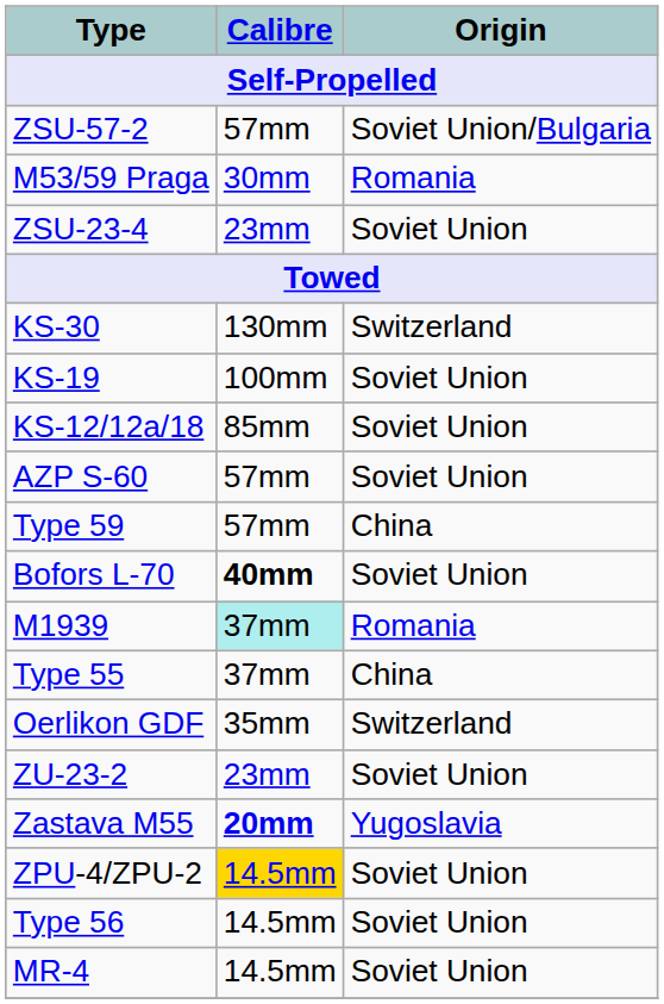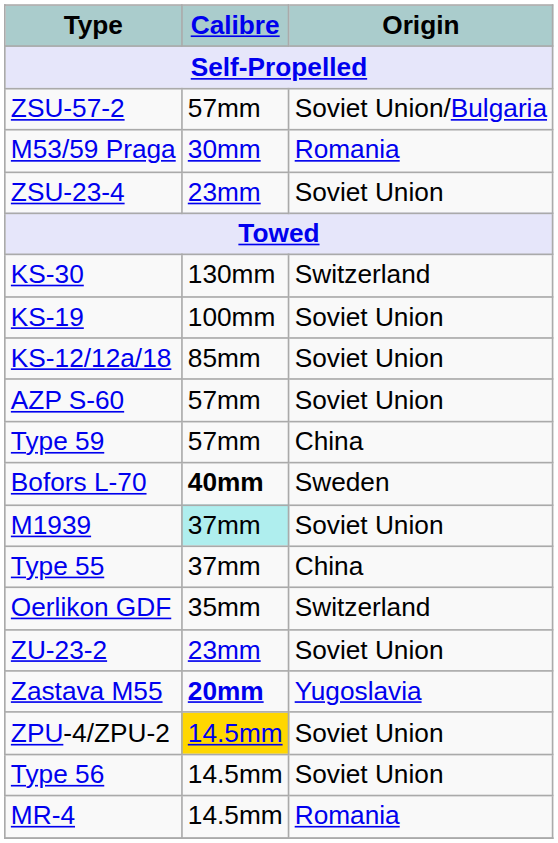 <table class="wikitable" style="display: inline-table;">
 <tr>
 <th style="text-align:center; background:#acc;">Type</th>
 <th style="text-align: center; background:#acc;"><a href='#'>Calibre</a></th>
 <th style="text-align: center; background:#acc;">Origin</th>
 </tr>
 <tr>
 <th colspan="5" style="align: center; background: lavender;"><a href='#'>Self-Propelled</a></th>
 </tr>
 <tr>
 <td><a href='#'>ZSU-57-2</a></td>
 <td>57mm</td>
 <td>Soviet Union/<a href='#'>Bulgaria</a></td>
 </tr>
 <tr>
 <td><a href='#'>M53/59 Praga</a></td>
 <td><a href='#'>30mm</a></td>
 <td><a href='#'>Romania</a></td>
 </tr>
 <tr>
 <td><a href='#'>ZSU-23-4</a></td>
 <td><a href='#'>23mm</a></td>
 <td>Soviet Union</td>
 </tr>
 <tr>
 <th colspan="5" style="align: center; background: lavender;"><a href='#'>Towed</a></th>
 </tr>
 <tr>
 <td><a href='#'>KS-30</a></td>
 <td>130mm</td>
 <td>Switzerland</td>
 </tr>
 <tr>
 <td><a href='#'>KS-19</a></td>
 <td>100mm</td>
 <td>Soviet Union</td>
 </tr>
 <tr>
 <td><a href='#'>KS-12/12a/18</a></td>
 <td>85mm</td>
 <td>Soviet Union</td>
 </tr>
 <tr>
 <td><a href='#'>AZP S-60</a></td>
 <td>57mm</td>
 <td>Soviet Union</td>
 </tr>
 <tr>
 <td><a href='#'>Type 59</a></td>
 <td>57mm</td>
 <td>China</td>
 </tr>
 <tr>
 <td><a href='#'>Bofors L-70</a></td>
 <td><strong>40mm</strong></td>
-<td>Soviet Union</td>
+<td>Sweden</td>
 </tr>
 <tr>
 <td><a href='#'>M1939</a></td>
 <td style="background: paleturquoise;">37mm</td>
-<td><a href='#'>Romania</a></td>
+<td>Soviet Union</td>
 </tr>
 <tr>
 <td><a href='#'>Type 55</a></td>
 <td>37mm</td>
 <td>China</td>
 </tr>
 <tr>
 <td><a href='#'>Oerlikon GDF</a></td>
 <td>35mm</td>
 <td>Switzerland</td>
 </tr>
 <tr>
 <td><a href='#'>ZU-23-2</a></td>
 <td><a href='#'>23mm</a></td>
 <td>Soviet Union</td>
 </tr>
 <tr>
 <td><a href='#'>Zastava M55</a></td>
 <td><strong><a href='#'>20mm</a></strong></td>
 <td><a href='#'>Yugoslavia</a></td>
 </tr>
 <tr>
 <td><a href='#'>ZPU</a>-4/ZPU-2</td>
 <td style="background: gold;"><a href='#'>14.5mm</a></td>
 <td>Soviet Union</td>
 </tr>
 <tr>
 <td><a href='#'>Type 56</a></td>
 <td>14.5mm</td>
 <td>Soviet Union</td>
 </tr>
 <tr>
 <td><a href='#'>MR-4</a></td>
 <td>14.5mm</td>
-<td>Soviet Union</td>
+<td><a href='#'>Romania</a></td>
 </tr>
 <tr>
 </tr>
 </table>
